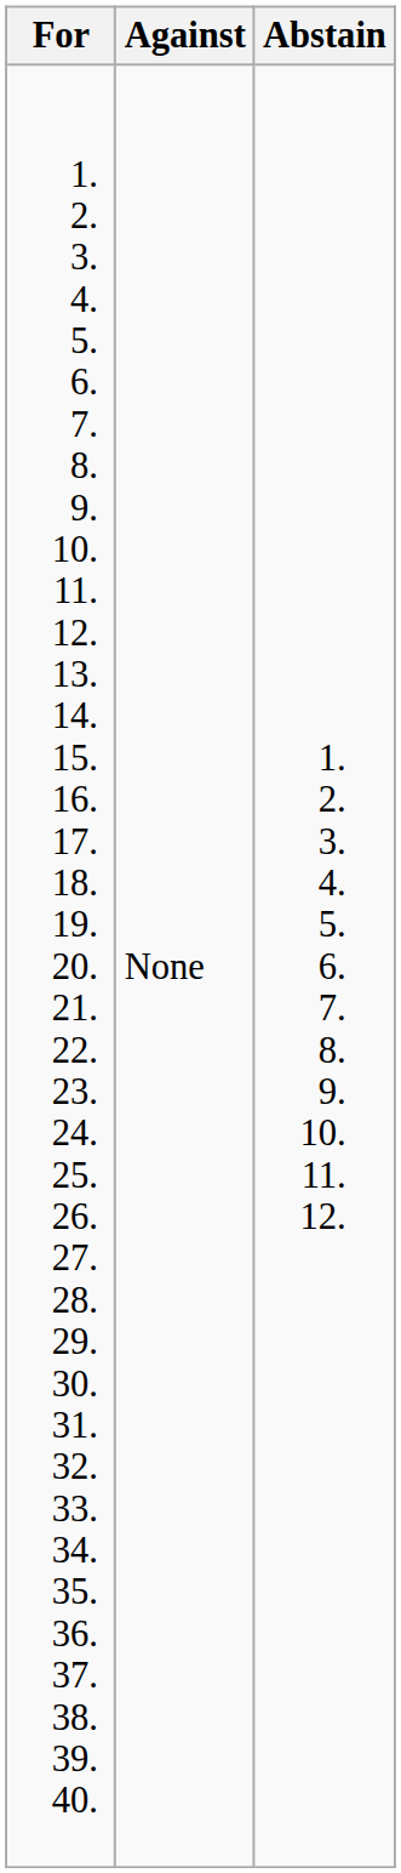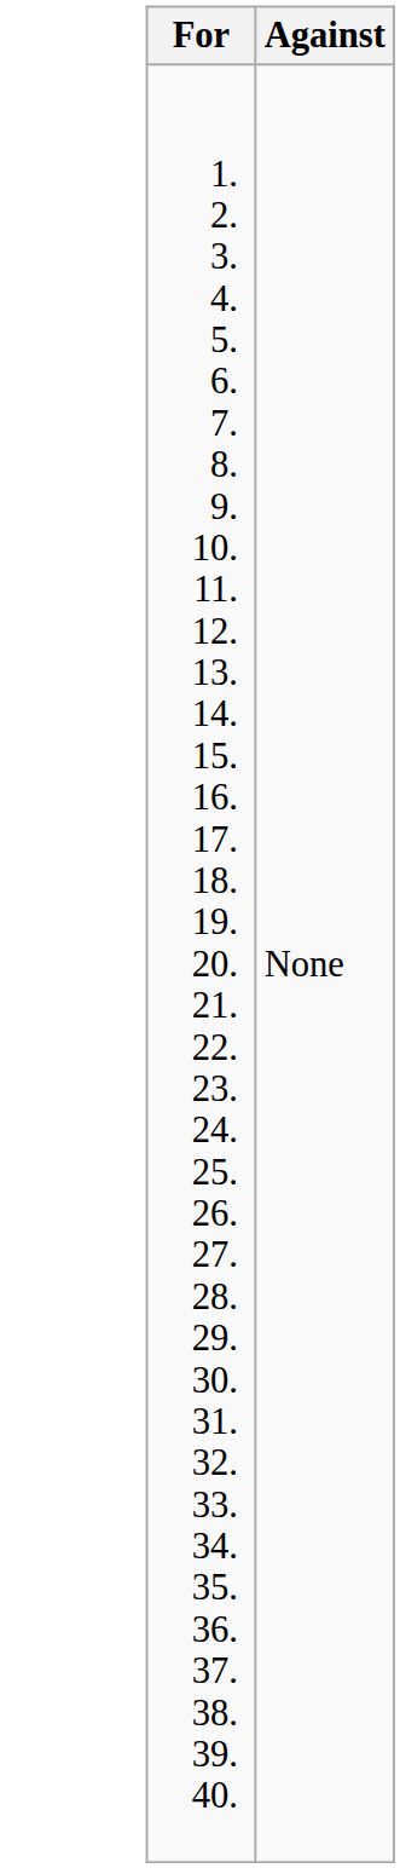 <table class="wikitable" style="float: right; margin-left: 1em">
 <tr>
 <th>For</th>
 <th>Against</th>
-<th>Abstain</th>
 </tr>
 <tr>
 <td><br><ol><li></li><li></li><li></li><li></li><li></li><li></li><li></li><li></li><li></li><li></li><li></li><li></li><li></li><li></li><li></li><li></li><li></li><li></li><li></li><li></li><li></li><li></li><li></li><li></li><li></li><li></li><li></li><li></li><li></li><li></li><li></li><li></li><li></li><li></li><li></li><li></li><li></li><li></li><li></li><li></li></ol></td>
 <td>None</td>
-<td><br><ol><li></li><li></li><li></li><li></li><li></li><li></li><li></li><li></li><li></li><li></li><li></li><li></li></ol></td>
 </tr>
 </table>
